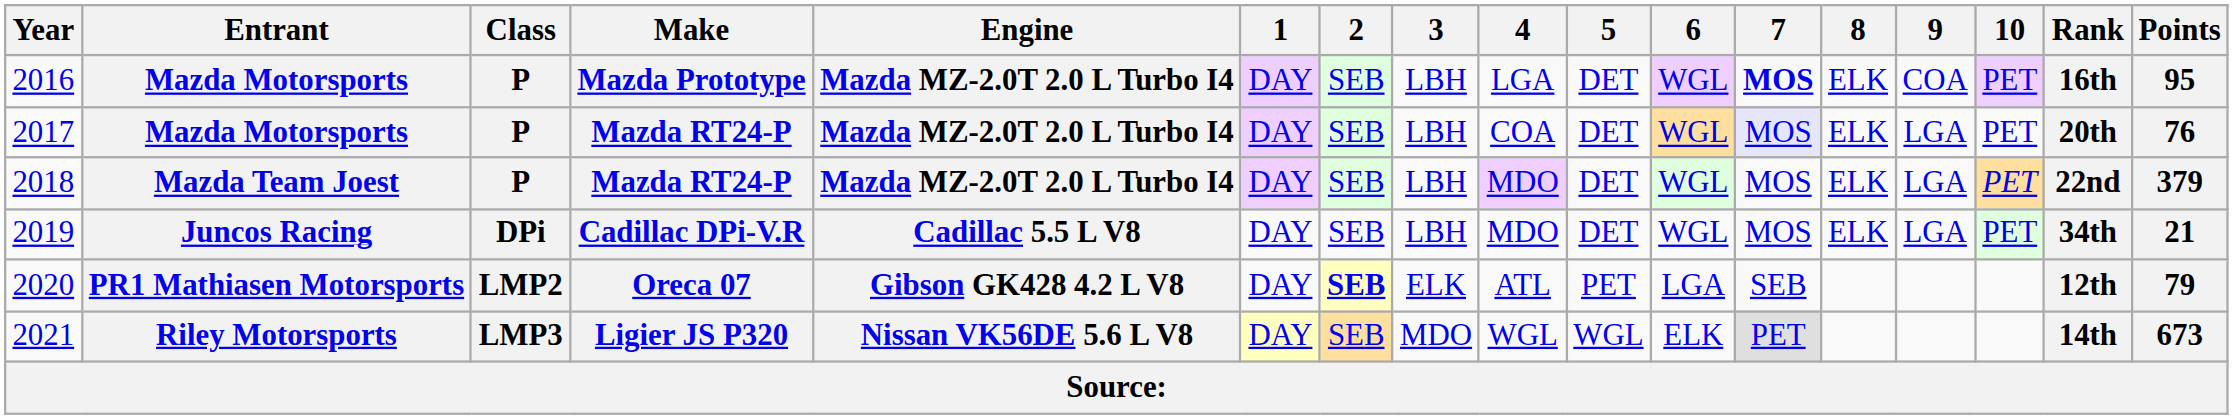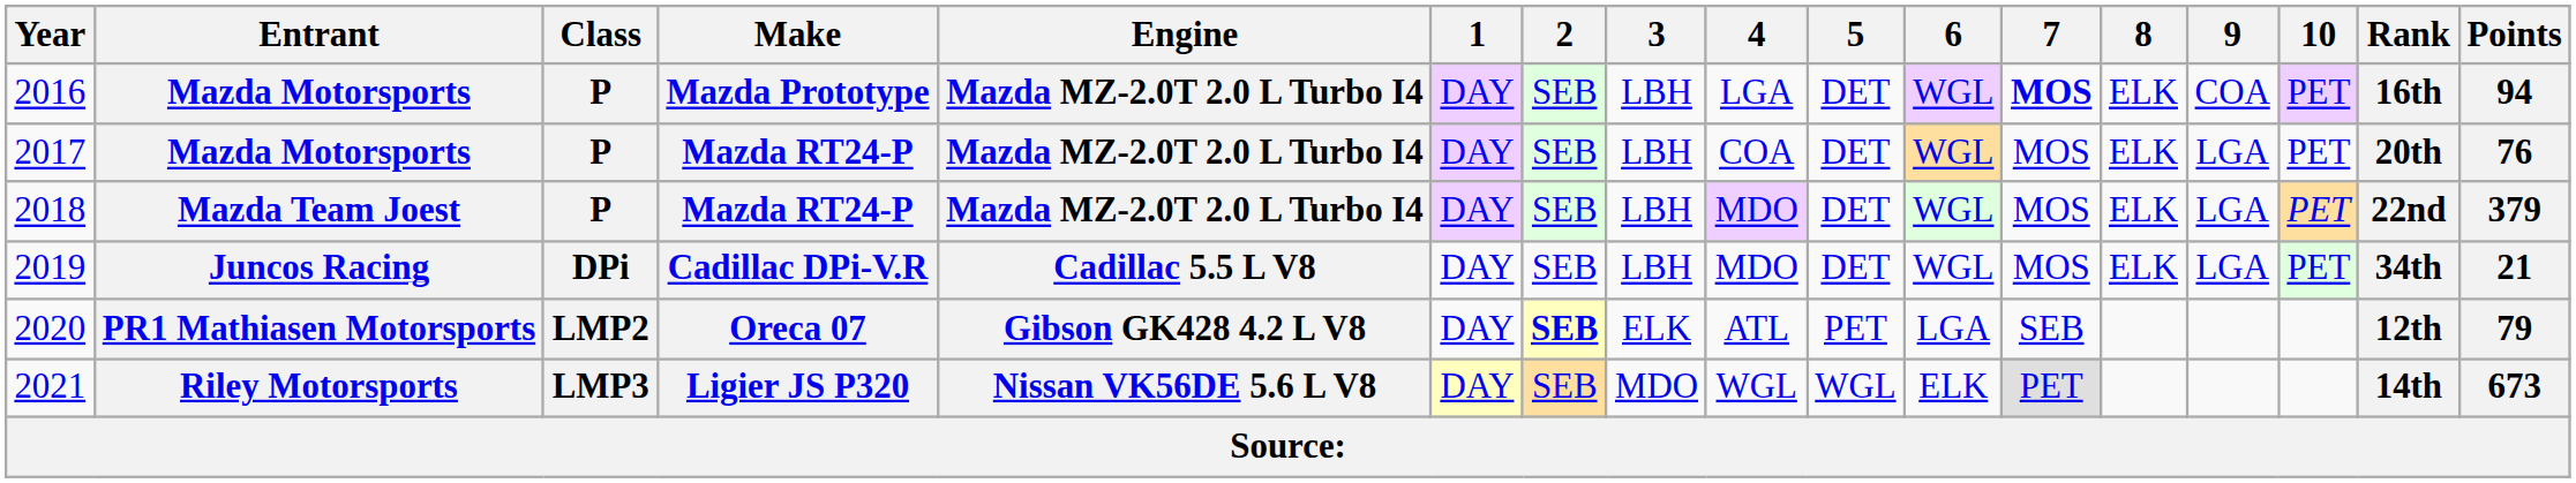 <table class="wikitable" style="text-align:center; font-size:85%">
 <tr>
 <th>Year</th>
 <th>Entrant</th>
 <th>Class</th>
 <th>Make</th>
 <th>Engine</th>
 <th>1</th>
 <th>2</th>
 <th>3</th>
 <th>4</th>
 <th>5</th>
 <th>6</th>
 <th>7</th>
 <th>8</th>
 <th>9</th>
 <th>10</th>
 <th>Rank</th>
 <th>Points</th>
 </tr>
 <tr>
 <td><a href='#'>2016</a></td>
 <th nowrap><a href='#'>Mazda Motorsports</a></th>
 <th>P</th>
 <th nowrap><a href='#'>Mazda Prototype</a></th>
 <th nowrap><a href='#'>Mazda</a> MZ-2.0T 2.0 L Turbo I4</th>
 <td style="background:#EFCFFF"><a href='#'>DAY</a><br></td>
 <td style="background:#DFFFDF"><a href='#'>SEB</a><br></td>
 <td><a href='#'>LBH</a></td>
 <td><a href='#'>LGA</a></td>
 <td><a href='#'>DET</a></td>
 <td style="background:#EFCFFF"><a href='#'>WGL</a><br></td>
 <td><strong><a href='#'>MOS</a></strong></td>
 <td><a href='#'>ELK</a></td>
 <td><a href='#'>COA</a></td>
 <td style="background:#EFCFFF"><a href='#'>PET</a><br></td>
 <th>16th</th>
-<th>95</th>
+<th>94</th>
 </tr>
 <tr>
 <td><a href='#'>2017</a></td>
 <th nowrap><a href='#'>Mazda Motorsports</a></th>
 <th>P</th>
 <th nowrap><a href='#'>Mazda RT24-P</a></th>
 <th nowrap><a href='#'>Mazda</a> MZ-2.0T 2.0 L Turbo I4</th>
 <td style="background:#EFCFFF"><a href='#'>DAY</a><br></td>
 <td style="background:#DFFFDF"><a href='#'>SEB</a> <br></td>
 <td><a href='#'>LBH</a></td>
 <td><a href='#'>COA</a></td>
 <td><a href='#'>DET</a></td>
 <td style="background:#FFDF9F"><a href='#'>WGL</a> <br></td>
-<td style="background: lavender;"><a href='#'>MOS</a></td>
+<td><a href='#'>MOS</a></td>
 <td><a href='#'>ELK</a></td>
 <td><a href='#'>LGA</a></td>
 <td><a href='#'>PET</a></td>
 <th>20th</th>
 <th>76</th>
 </tr>
 <tr>
 <td><a href='#'>2018</a></td>
 <th nowrap><a href='#'>Mazda Team Joest</a></th>
 <th>P</th>
 <th nowrap><a href='#'>Mazda RT24-P</a></th>
 <th nowrap><a href='#'>Mazda</a> MZ-2.0T 2.0 L Turbo I4</th>
 <td style="background:#EFCFFF;"><a href='#'>DAY</a><br></td>
 <td style="background:#DFFFDF;"><a href='#'>SEB</a><br></td>
 <td><a href='#'>LBH</a></td>
 <td style="background:#EFCFFF;"><a href='#'>MDO</a><br></td>
 <td><a href='#'>DET</a></td>
 <td style="background:#DFFFDF;"><a href='#'>WGL</a><br></td>
 <td><a href='#'>MOS</a></td>
 <td><a href='#'>ELK</a></td>
 <td><a href='#'>LGA</a></td>
 <td style="background:#FFDF9F;"><em><a href='#'>PET</a></em><br></td>
 <th>22nd</th>
 <th>379</th>
 </tr>
 <tr>
 <td><a href='#'>2019</a></td>
 <th nowrap><a href='#'>Juncos Racing</a></th>
 <th>DPi</th>
 <th nowrap><a href='#'>Cadillac DPi-V.R</a></th>
 <th nowrap><a href='#'>Cadillac</a> 5.5 L V8</th>
 <td><a href='#'>DAY</a></td>
 <td><a href='#'>SEB</a></td>
 <td><a href='#'>LBH</a></td>
 <td><a href='#'>MDO</a></td>
 <td><a href='#'>DET</a></td>
 <td><a href='#'>WGL</a></td>
 <td><a href='#'>MOS</a></td>
 <td><a href='#'>ELK</a></td>
 <td><a href='#'>LGA</a></td>
 <td style="background:#DFFFDF;"><a href='#'>PET</a><br></td>
 <th>34th</th>
 <th>21</th>
 </tr>
 <tr>
 <td><a href='#'>2020</a></td>
 <th nowrap><a href='#'>PR1 Mathiasen Motorsports</a></th>
 <th>LMP2</th>
 <th nowrap><a href='#'>Oreca 07</a></th>
 <th nowrap><a href='#'>Gibson</a> GK428 4.2 L V8</th>
 <td><a href='#'>DAY</a></td>
 <td style="background:#FFFFBF;"><strong><a href='#'>SEB</a></strong><br></td>
 <td><a href='#'>ELK</a></td>
 <td><a href='#'>ATL</a></td>
 <td><a href='#'>PET</a></td>
 <td><a href='#'>LGA</a></td>
 <td><a href='#'>SEB</a></td>
 <td></td>
 <td></td>
 <td></td>
 <th>12th</th>
 <th>79</th>
 </tr>
 <tr>
 <td><a href='#'>2021</a></td>
 <th nowrap><a href='#'>Riley Motorsports</a></th>
 <th>LMP3</th>
 <th nowrap><a href='#'>Ligier JS P320</a></th>
 <th nowrap><a href='#'>Nissan VK56DE</a> 5.6 L V8</th>
 <td style="background:#FFFFBF;"><a href='#'>DAY</a><br></td>
 <td style="background:#FFDF9F;"><a href='#'>SEB</a><br></td>
 <td><a href='#'>MDO</a></td>
 <td><a href='#'>WGL</a></td>
 <td><a href='#'>WGL</a></td>
 <td><a href='#'>ELK</a></td>
 <td style="background:#DFDFDF;"><a href='#'>PET</a><br></td>
 <td></td>
 <td></td>
 <td></td>
 <th>14th</th>
 <th>673</th>
 </tr>
 <tr>
 <th colspan="17">Source:</th>
 </tr>
 </table>
